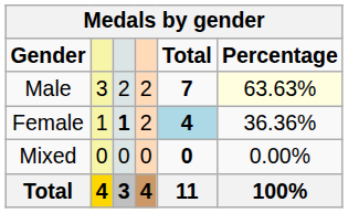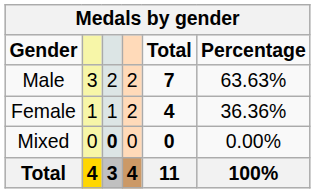 <table class=wikitable style="font-size:85%; float:right;text-align:center">
 <tr bgcolor=EFEFEF>
 <th colspan=6>Medals by gender</th>
 </tr>
 <tr>
 <td><strong>Gender</strong></td>
 <td bgcolor=F7F6A8></td>
 <td bgcolor=DCE5E5></td>
 <td bgcolor=FFDAB9></td>
 <td><strong>Total</strong></td>
 <td><strong>Percentage</strong></td>
 </tr>
 <tr>
 <td>Male</td>
 <td bgcolor=F7F6A8>3</td>
 <td bgcolor=DCE5E5>2</td>
 <td bgcolor=FFDAB9>2</td>
 <td><strong>7</strong></td>
-<td style="background: lightyellow;">63.63%</td>
+<td>63.63%</td>
 </tr>
 <tr>
 <td>Female</td>
 <td bgcolor=F7F6A8>1</td>
-<td bgcolor=DCE5E5><strong>1</strong></td>
+<td bgcolor=DCE5E5>1</td>
 <td bgcolor=FFDAB9>2</td>
-<td style="background: lightblue;"><strong>4</strong></td>
+<td><strong>4</strong></td>
 <td>36.36%</td>
 </tr>
 <tr>
 <td>Mixed</td>
 <td bgcolor=F7F6A8>0</td>
-<td bgcolor=DCE5E5>0</td>
+<td bgcolor=DCE5E5><strong>0</strong></td>
 <td bgcolor=FFDAB9>0</td>
 <td><strong>0</strong></td>
 <td>0.00%</td>
 </tr>
 <tr>
 <th>Total</th>
 <th style=background:gold>4</th>
 <th style=background:silver>3</th>
 <th style=background:#C96>4</th>
 <th>11</th>
 <th>100%</th>
 </tr>
 </table>
